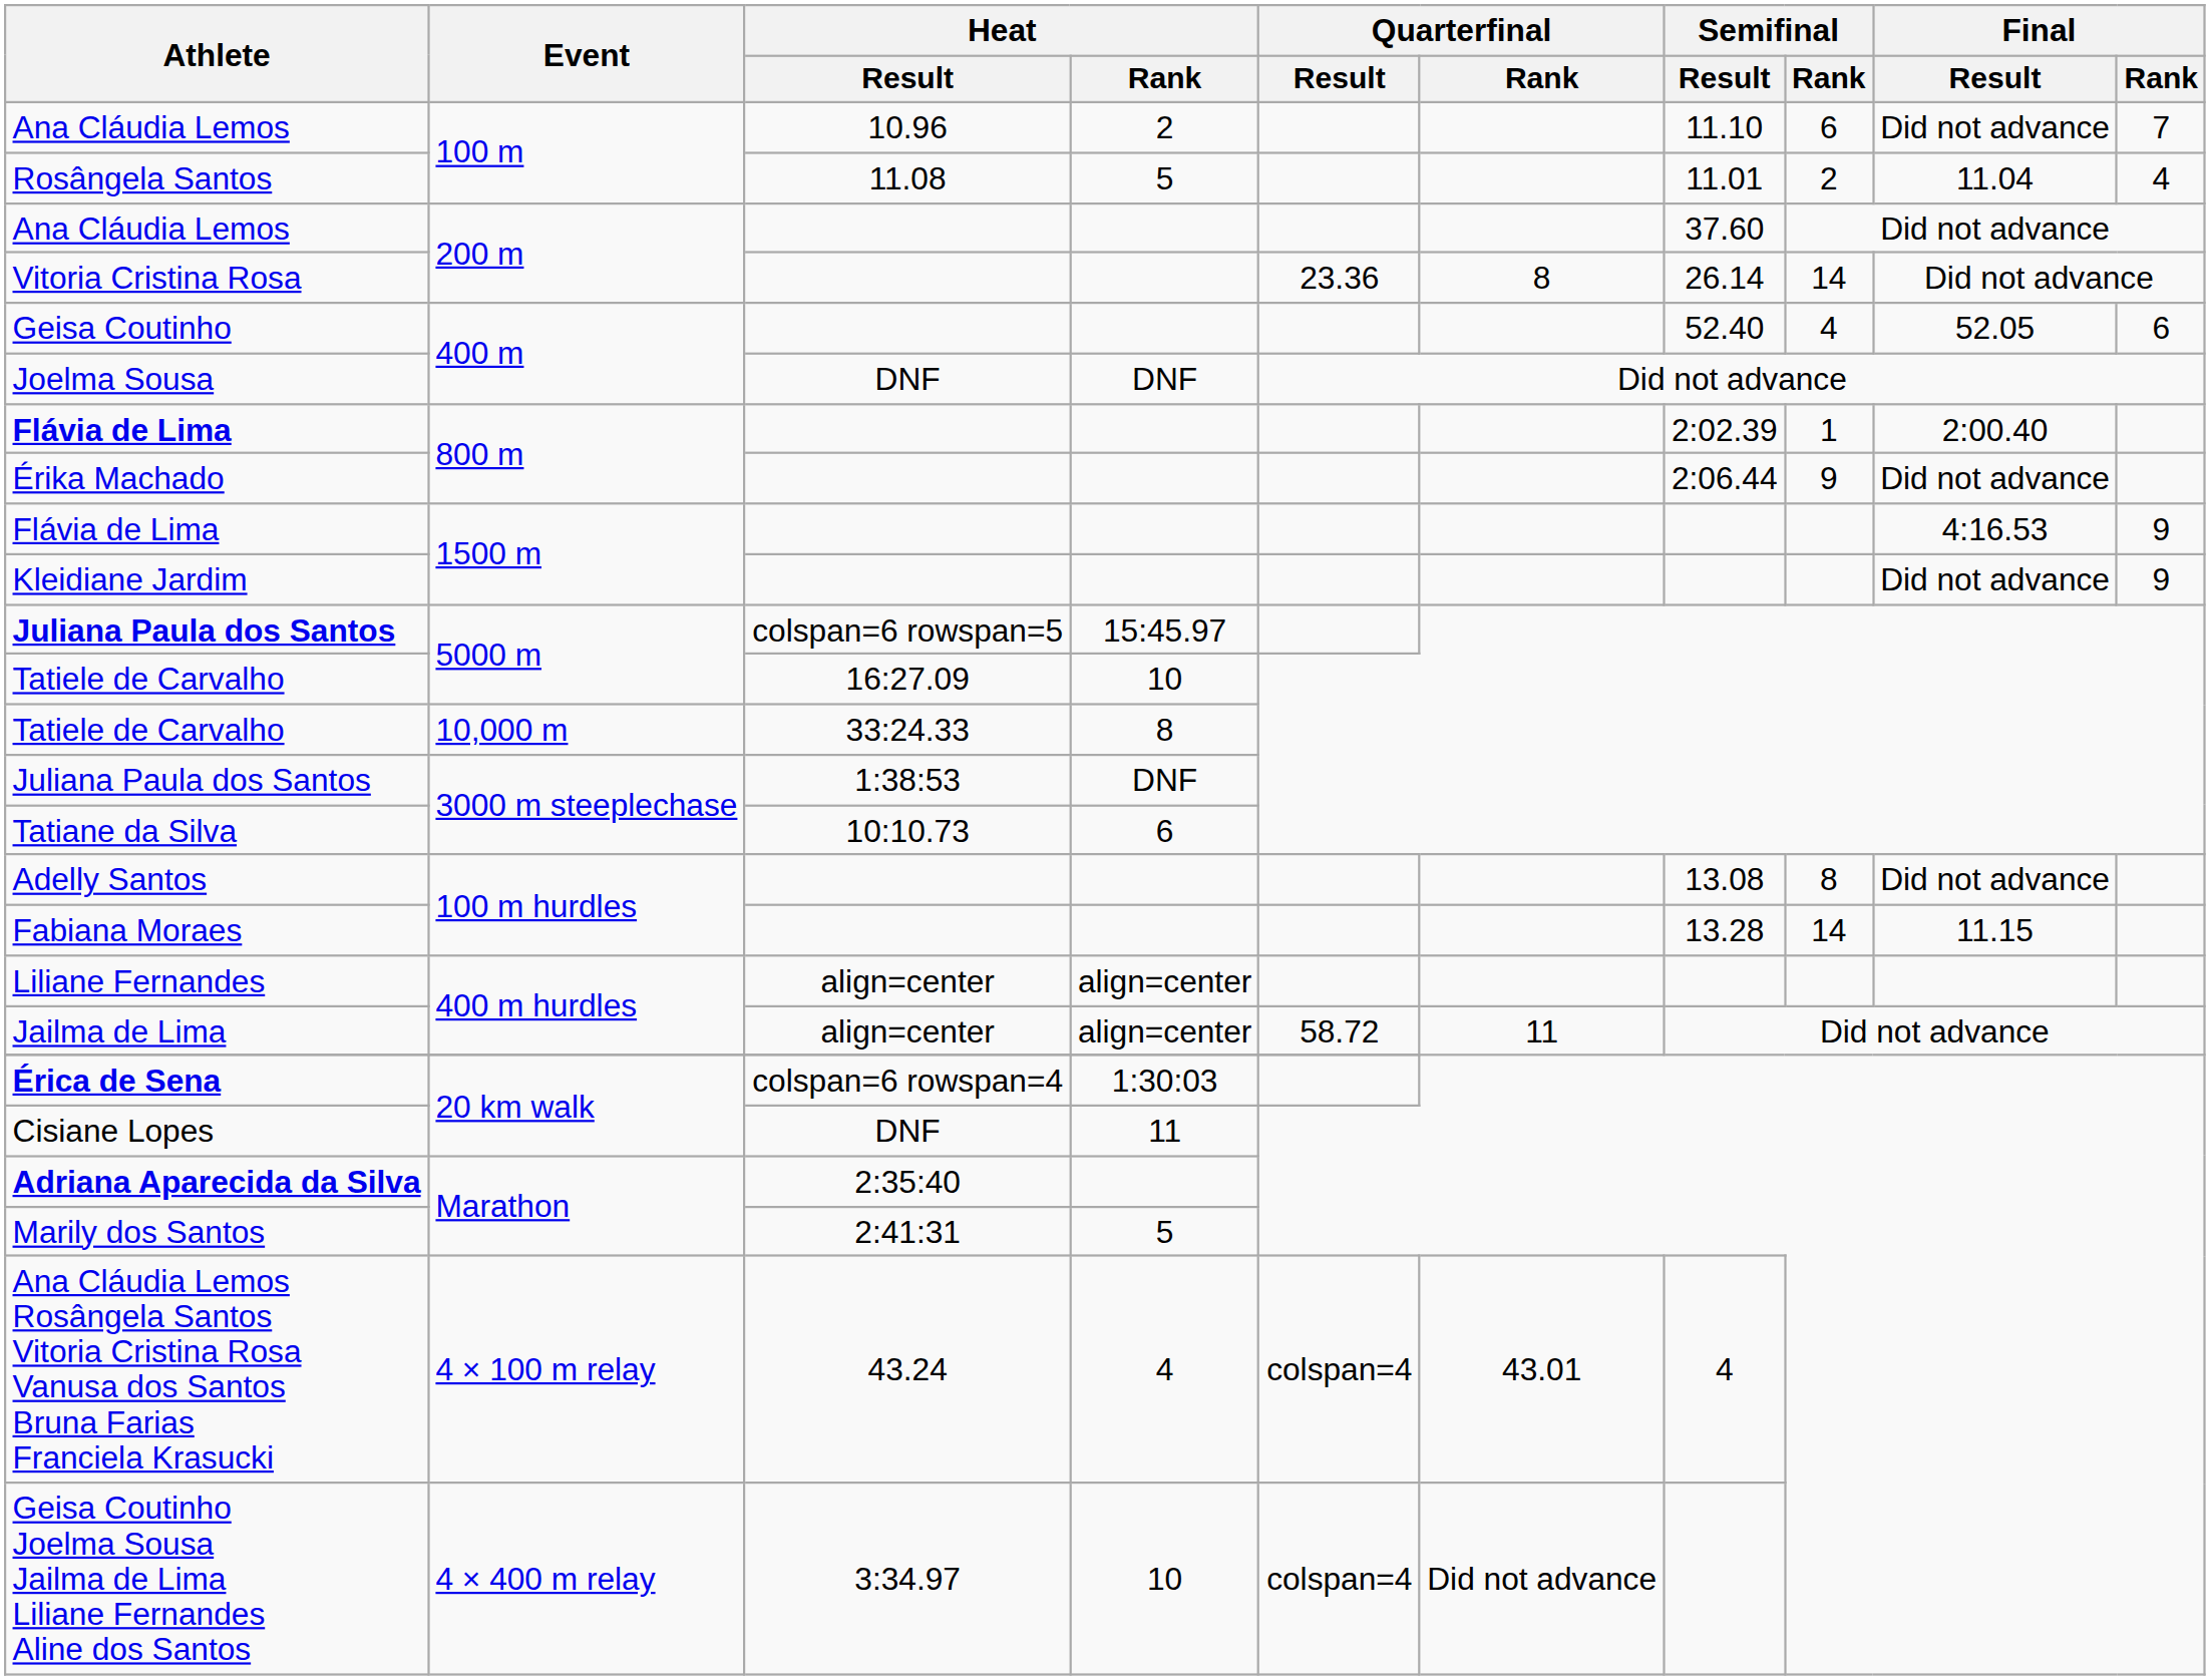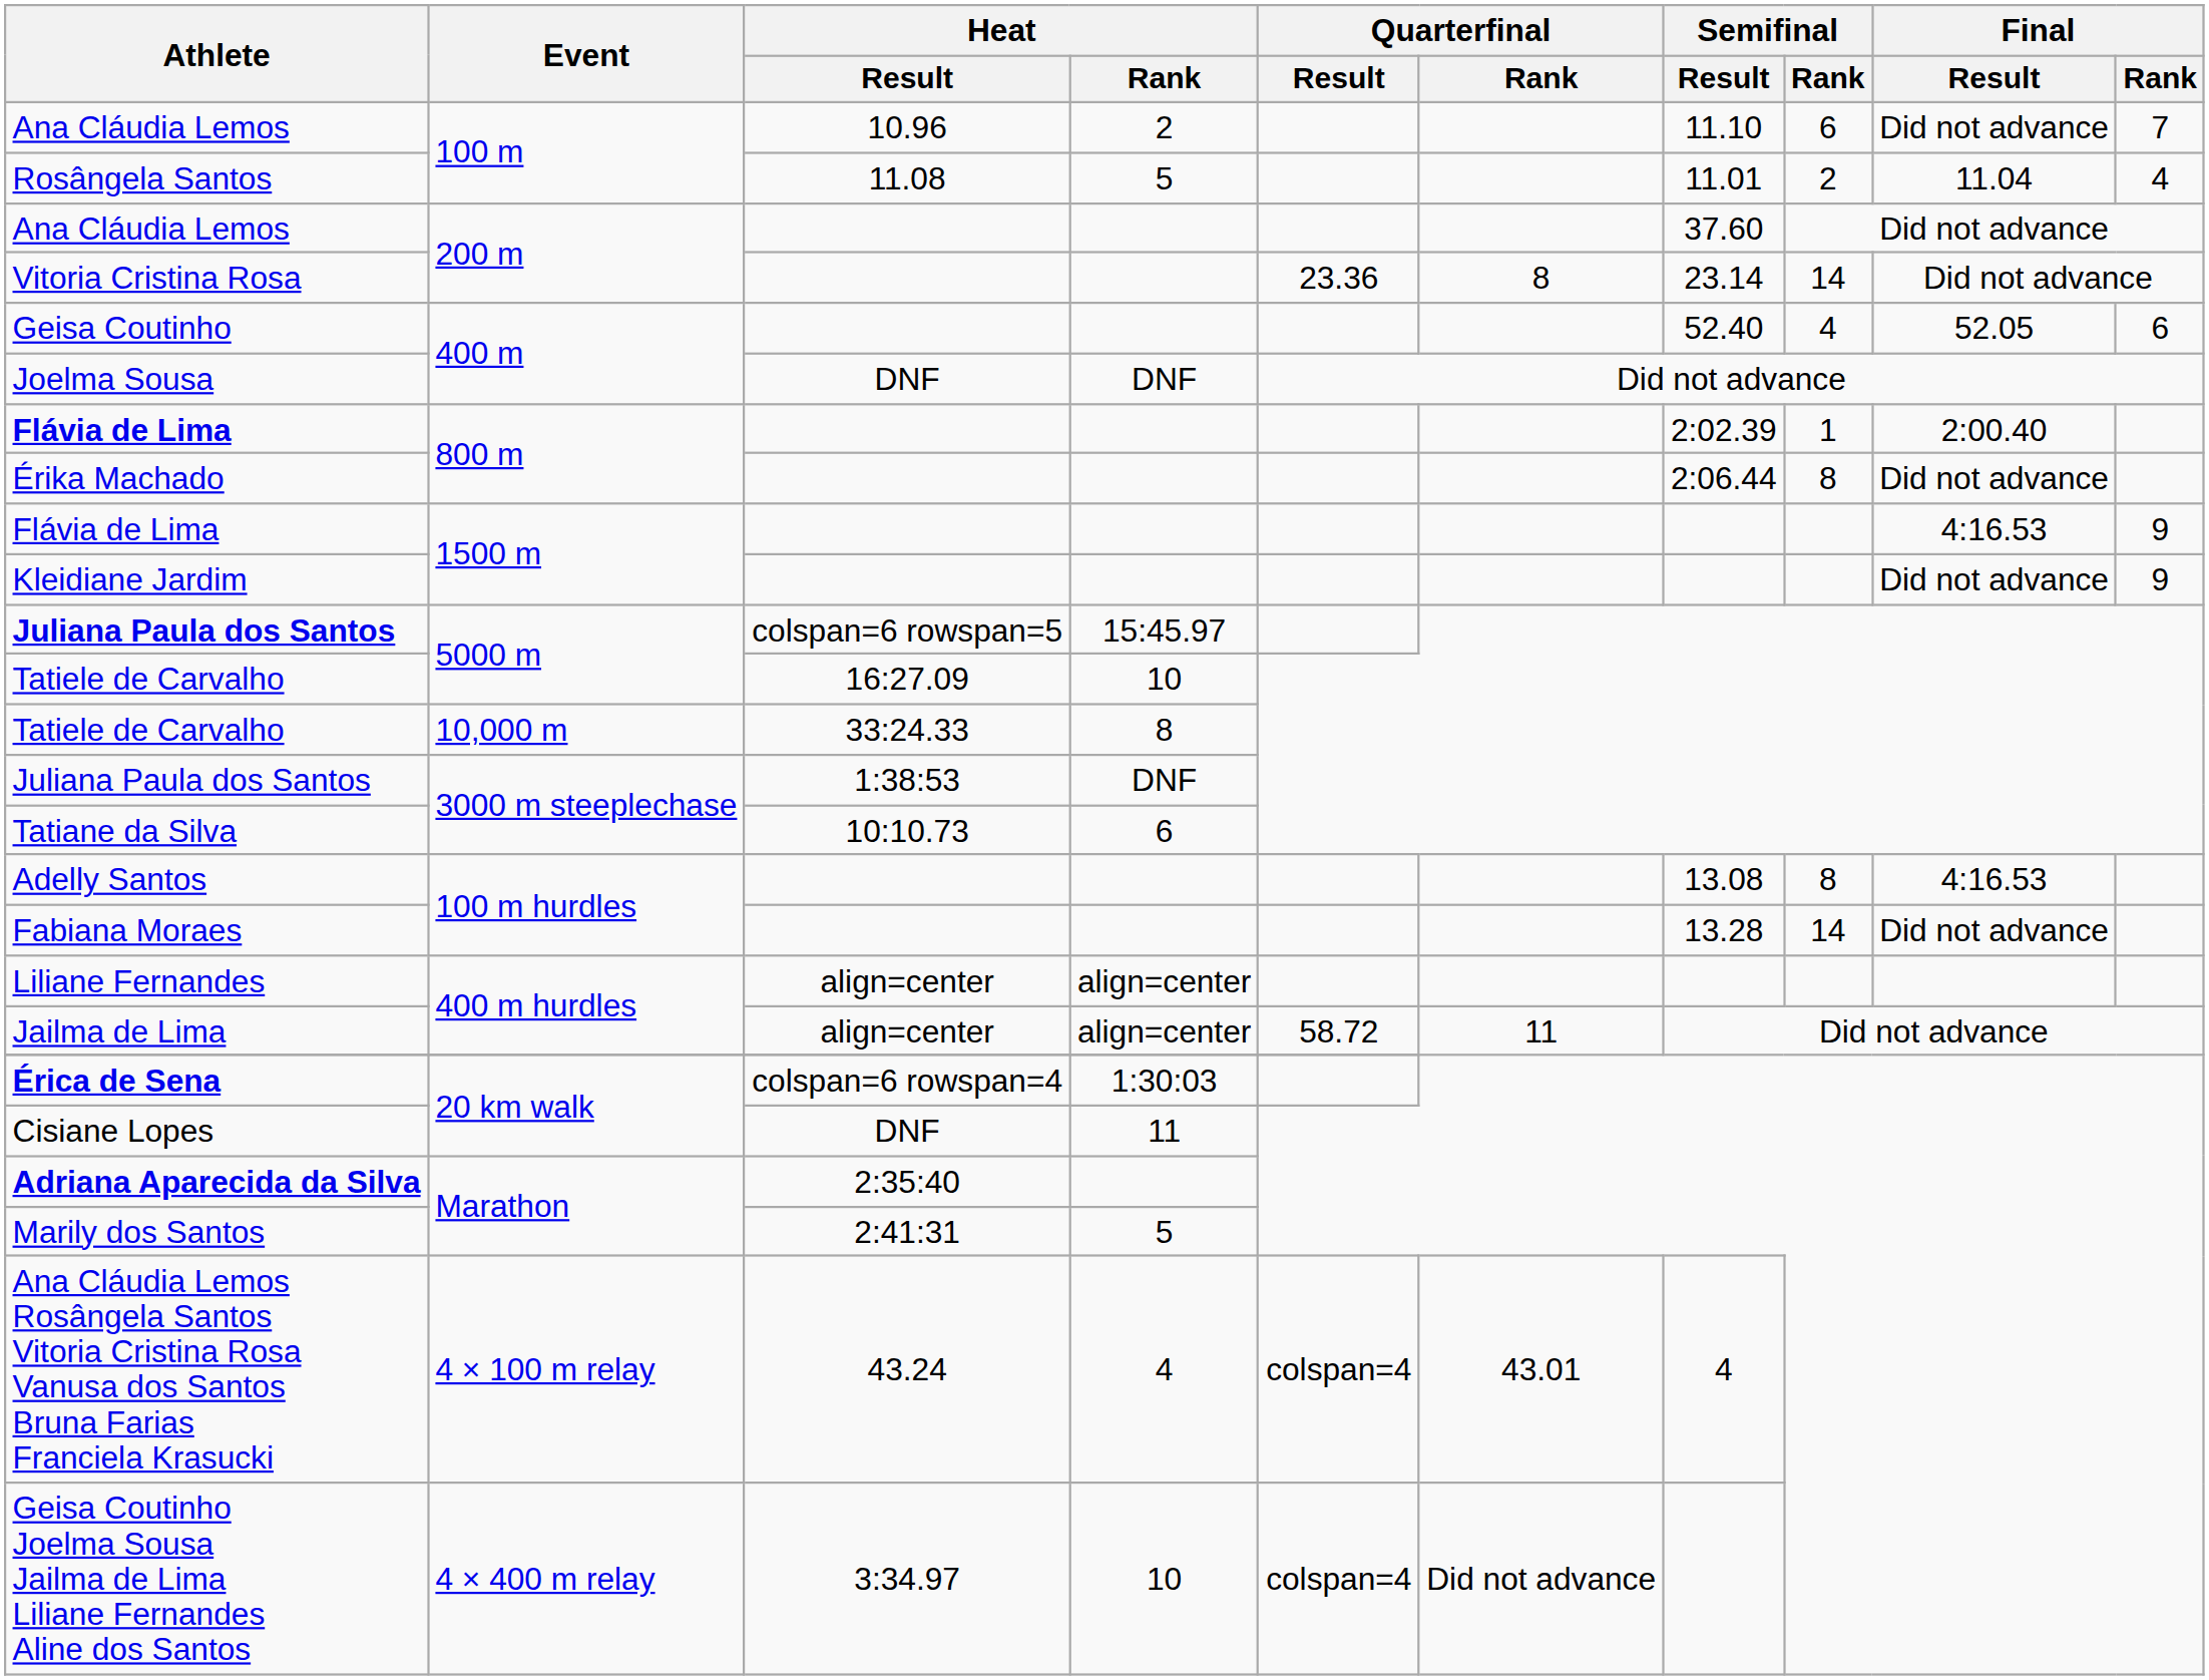 <table class="wikitable" style="font-size:90%">
 <tr>
 <th rowspan="2">Athlete</th>
 <th rowspan="2">Event</th>
 <th colspan="2">Heat</th>
 <th colspan="2">Quarterfinal</th>
 <th colspan="2">Semifinal</th>
 <th colspan="2">Final</th>
 </tr>
 <tr style="font-size:95%">
 <th>Result</th>
 <th>Rank</th>
 <th>Result</th>
 <th>Rank</th>
 <th>Result</th>
 <th>Rank</th>
 <th>Result</th>
 <th>Rank</th>
 </tr>
 <tr align=center>
 <td align=left><a href='#'>Ana Cláudia Lemos</a></td>
 <td align=left rowspan=2><a href='#'>100 m</a></td>
 <td>10.96</td>
 <td>2</td>
 <td></td>
 <td></td>
 <td>11.10</td>
 <td>6</td>
 <td>Did not advance</td>
 <td>7</td>
 </tr>
 <tr align=center>
 <td align=left><a href='#'>Rosângela Santos</a></td>
 <td>11.08</td>
 <td>5</td>
 <td></td>
 <td></td>
 <td>11.01</td>
 <td>2</td>
 <td>11.04</td>
 <td>4</td>
 </tr>
 <tr align=center>
 <td align=left><a href='#'>Ana Cláudia Lemos</a></td>
 <td align=left rowspan=2><a href='#'>200 m</a></td>
 <td></td>
 <td></td>
 <td></td>
 <td></td>
 <td>37.60</td>
 <td align=center colspan=4>Did not advance</td>
 </tr>
 <tr align=center>
 <td align=left><a href='#'>Vitoria Cristina Rosa</a></td>
 <td></td>
 <td></td>
 <td>23.36</td>
 <td>8</td>
-<td>26.14</td>
+<td>23.14</td>
 <td>14</td>
 <td align=center colspan=4>Did not advance</td>
 </tr>
 <tr align=center>
 <td align=left><a href='#'>Geisa Coutinho</a></td>
 <td align=left rowspan=2><a href='#'>400 m</a></td>
 <td></td>
 <td></td>
 <td></td>
 <td></td>
 <td>52.40</td>
 <td>4</td>
 <td>52.05</td>
 <td>6</td>
 </tr>
 <tr align=center>
 <td align=left><a href='#'>Joelma Sousa</a></td>
 <td>DNF</td>
 <td>DNF</td>
 <td align="center" colspan="7">Did not advance</td>
 </tr>
 <tr align=center>
 <td align=left><strong><a href='#'>Flávia de Lima</a></strong></td>
 <td align=left rowspan=2><a href='#'>800 m</a></td>
 <td></td>
 <td></td>
 <td></td>
 <td></td>
 <td>2:02.39</td>
 <td>1</td>
 <td>2:00.40</td>
 <td></td>
 </tr>
 <tr align=center>
 <td align=left><a href='#'>Érika Machado</a></td>
 <td></td>
 <td></td>
 <td></td>
 <td></td>
 <td>2:06.44</td>
-<td>9</td>
+<td>8</td>
 <td>Did not advance</td>
 <td></td>
 </tr>
 <tr align=center>
 <td align=left><a href='#'>Flávia de Lima</a></td>
 <td align=left rowspan=2><a href='#'>1500 m</a></td>
 <td></td>
 <td></td>
 <td></td>
 <td></td>
 <td></td>
 <td></td>
 <td>4:16.53</td>
 <td>9</td>
 </tr>
 <tr align=center>
 <td align=left><a href='#'>Kleidiane Jardim</a></td>
 <td></td>
 <td></td>
 <td></td>
 <td></td>
 <td></td>
 <td></td>
 <td>Did not advance</td>
 <td>9</td>
 </tr>
 <tr align=center>
 <td align=left><strong><a href='#'>Juliana Paula dos Santos</a></strong></td>
 <td align=left rowspan=2><a href='#'>5000 m</a></td>
 <td>colspan=6 rowspan=5 </td>
 <td>15:45.97</td>
 <td></td>
 </tr>
 <tr align=center>
 <td align=left><a href='#'>Tatiele de Carvalho</a></td>
 <td>16:27.09</td>
 <td>10</td>
 </tr>
 <tr align=center>
 <td align=left><a href='#'>Tatiele de Carvalho</a></td>
 <td align=left><a href='#'>10,000 m</a></td>
 <td>33:24.33</td>
 <td>8</td>
 </tr>
 <tr align=center>
 <td align=left><a href='#'>Juliana Paula dos Santos</a></td>
 <td align=left rowspan=2><a href='#'>3000 m steeplechase</a></td>
 <td>1:38:53</td>
 <td>DNF</td>
 </tr>
 <tr align=center>
 <td align=left><a href='#'>Tatiane da Silva</a></td>
 <td>10:10.73</td>
 <td>6</td>
 </tr>
 <tr align=center>
 <td align=left><a href='#'>Adelly Santos</a></td>
 <td align=left rowspan=2><a href='#'>100 m hurdles</a></td>
 <td></td>
 <td></td>
 <td></td>
 <td></td>
 <td>13.08</td>
 <td>8</td>
-<td>Did not advance</td>
+<td>4:16.53</td>
 <td></td>
 </tr>
 <tr align=center>
 <td align=left><a href='#'>Fabiana Moraes</a></td>
 <td></td>
 <td></td>
 <td></td>
 <td></td>
 <td>13.28</td>
 <td>14</td>
-<td>11.15</td>
+<td>Did not advance</td>
 <td></td>
 </tr>
 <tr align=center>
 <td align=left><a href='#'>Liliane Fernandes</a></td>
 <td align=left rowspan=2><a href='#'>400 m hurdles</a></td>
 <td>align=center </td>
 <td>align=center </td>
 <td></td>
 <td></td>
 <td></td>
 <td></td>
 <td></td>
 <td></td>
 </tr>
 <tr align=center>
 <td align=left><a href='#'>Jailma de Lima</a></td>
 <td>align=center </td>
 <td>align=center </td>
 <td>58.72</td>
 <td>11</td>
 <td align=center colspan=4>Did not advance</td>
 </tr>
 <tr>
 </tr>
 <tr align=center>
 <td align=left><strong><a href='#'>Érica de Sena</a></strong></td>
 <td align=left rowspan=2><a href='#'>20 km walk</a></td>
 <td>colspan=6 rowspan=4 </td>
 <td>1:30:03</td>
 <td></td>
 </tr>
 <tr align=center>
 <td align=left>Cisiane Lopes</td>
 <td>DNF</td>
 <td>11</td>
 </tr>
 <tr align=center>
 <td align=left><strong><a href='#'>Adriana Aparecida da Silva</a></strong></td>
 <td align=left rowspan=2><a href='#'>Marathon</a></td>
 <td>2:35:40</td>
 <td></td>
 </tr>
 <tr align=center>
 <td align=left><a href='#'>Marily dos Santos</a></td>
 <td>2:41:31</td>
 <td>5</td>
 </tr>
 <tr align=center>
 <td align=left><a href='#'>Ana Cláudia Lemos</a><br><a href='#'>Rosângela Santos</a><br><a href='#'>Vitoria Cristina Rosa</a><br><a href='#'>Vanusa dos Santos</a><br><a href='#'>Bruna Farias</a><br><a href='#'>Franciela Krasucki</a></td>
 <td align=left><a href='#'>4 × 100 m relay</a></td>
 <td>43.24</td>
 <td>4</td>
 <td>colspan=4 </td>
 <td>43.01</td>
 <td>4</td>
 </tr>
 <tr align=center>
 <td align=left><a href='#'>Geisa Coutinho</a><br><a href='#'>Joelma Sousa</a><br><a href='#'>Jailma de Lima</a><br><a href='#'>Liliane Fernandes</a><br><a href='#'>Aline dos Santos</a></td>
 <td align=left><a href='#'>4 × 400 m relay</a></td>
 <td>3:34.97</td>
 <td>10</td>
 <td>colspan=4 </td>
 <td>Did not advance</td>
 <td></td>
 </tr>
 </table>
